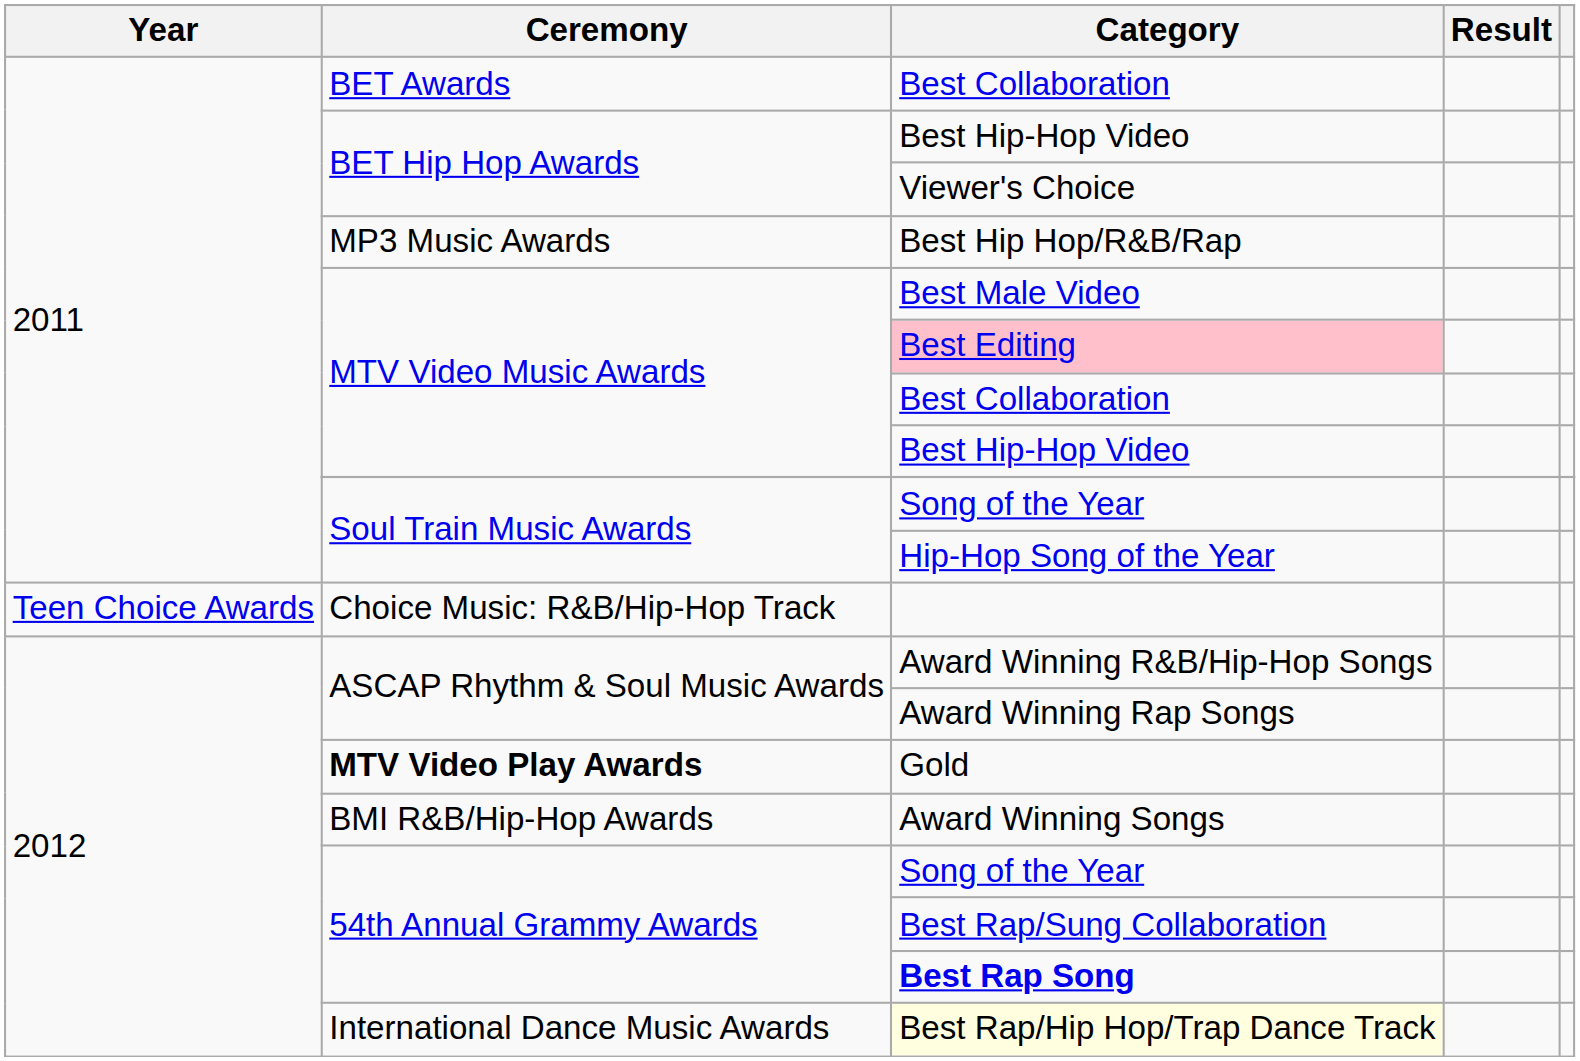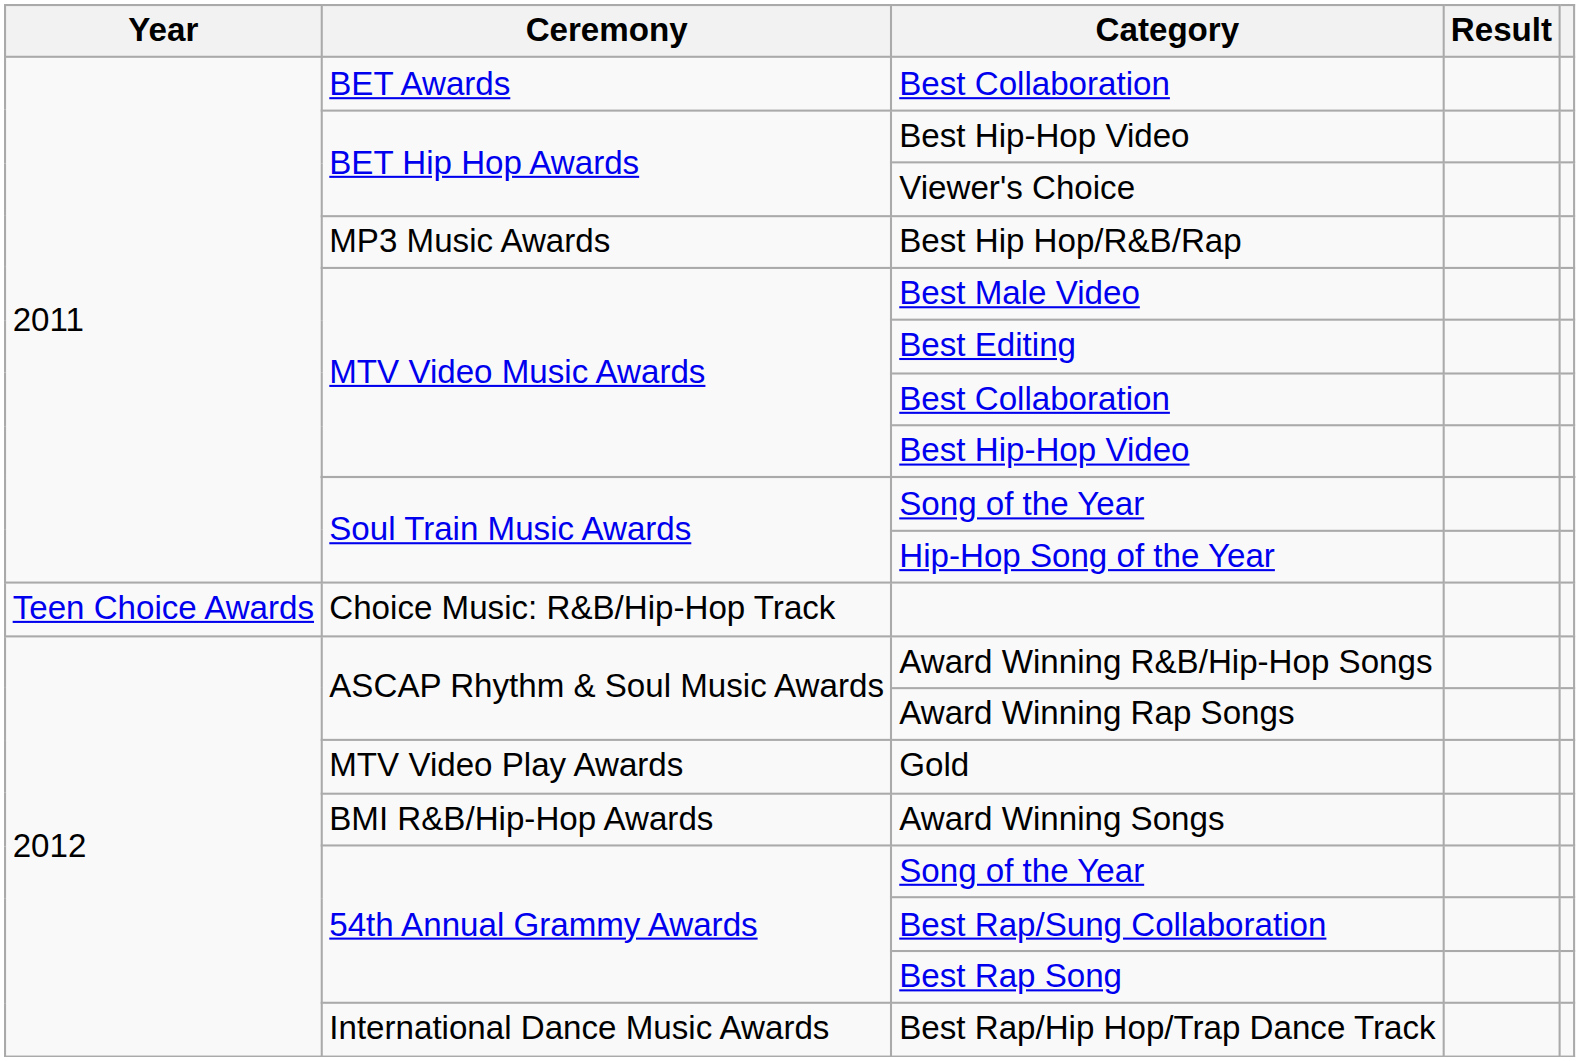 <table class="wikitable plainrowheaders sortable">
 <tr>
 <th scope="col">Year</th>
 <th scope="col">Ceremony</th>
 <th scope="col">Category</th>
 <th scope="col">Result</th>
 <th scope="col" class="unsortable"></th>
 </tr>
 <tr>
 <td rowspan="11">2011</td>
 <td><a href='#'>BET Awards</a></td>
 <td><a href='#'>Best Collaboration</a></td>
 <td></td>
 <td></td>
 </tr>
 <tr>
 <td rowspan="2"><a href='#'>BET Hip Hop Awards</a></td>
 <td>Best Hip-Hop Video</td>
 <td></td>
 <td></td>
 </tr>
 <tr>
 <td>Viewer's Choice</td>
 <td></td>
 <td></td>
 </tr>
 <tr>
 <td>MP3 Music Awards</td>
 <td>Best Hip Hop/R&B/Rap</td>
 <td></td>
 <td></td>
 </tr>
 <tr>
 <td rowspan="4"><a href='#'>MTV Video Music Awards</a></td>
 <td><a href='#'>Best Male Video</a></td>
 <td></td>
 <td></td>
 </tr>
 <tr>
-<td style="background: pink;"><a href='#'>Best Editing</a></td>
+<td><a href='#'>Best Editing</a></td>
 <td></td>
 <td></td>
 </tr>
 <tr>
 <td><a href='#'>Best Collaboration</a></td>
 <td></td>
 <td></td>
 </tr>
 <tr>
 <td><a href='#'>Best Hip-Hop Video</a></td>
 <td></td>
 <td></td>
 </tr>
 <tr>
 </tr>
 <tr>
 <td rowspan="2"><a href='#'>Soul Train Music Awards</a></td>
 <td><a href='#'>Song of the Year</a></td>
 <td></td>
 <td></td>
 </tr>
 <tr>
 <td><a href='#'>Hip-Hop Song of the Year</a></td>
 <td></td>
 <td></td>
 </tr>
 <tr>
 <td><a href='#'>Teen Choice Awards</a></td>
 <td>Choice Music: R&B/Hip-Hop Track</td>
 <td></td>
 <td></td>
 </tr>
 <tr>
 <td rowspan="8">2012</td>
 <td rowspan="2">ASCAP Rhythm & Soul Music Awards</td>
 <td>Award Winning R&B/Hip-Hop Songs</td>
 <td></td>
 <td></td>
 </tr>
 <tr>
 <td>Award Winning Rap Songs</td>
 <td></td>
 <td></td>
 </tr>
 <tr>
-<td><strong>MTV Video Play Awards</strong></td>
+<td>MTV Video Play Awards</td>
 <td>Gold</td>
 <td></td>
 <td></td>
 </tr>
 <tr>
 <td>BMI R&B/Hip-Hop Awards</td>
 <td>Award Winning Songs</td>
 <td></td>
 <td></td>
 </tr>
 <tr>
 <td rowspan="3"><a href='#'>54th Annual Grammy Awards</a></td>
 <td><a href='#'>Song of the Year</a></td>
 <td></td>
 <td></td>
 </tr>
 <tr>
 <td><a href='#'>Best Rap/Sung Collaboration</a></td>
 <td></td>
 <td></td>
 </tr>
 <tr>
-<td><strong><a href='#'>Best Rap Song</a></strong></td>
+<td><a href='#'>Best Rap Song</a></td>
 <td></td>
 <td></td>
 </tr>
 <tr>
 <td>International Dance Music Awards</td>
-<td style="background: lightyellow;">Best Rap/Hip Hop/Trap Dance Track</td>
+<td>Best Rap/Hip Hop/Trap Dance Track</td>
 <td></td>
 <td></td>
 </tr>
 </table>
